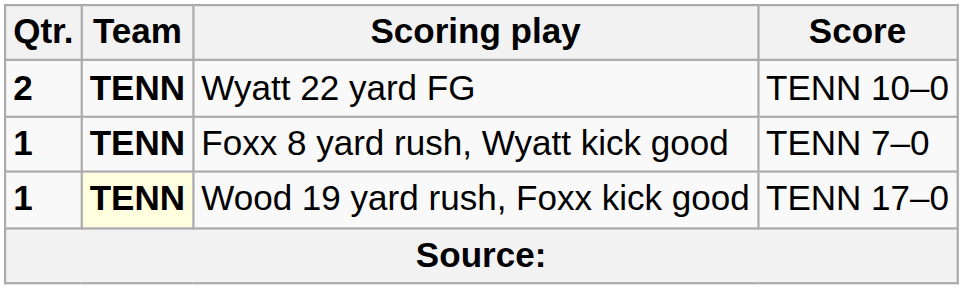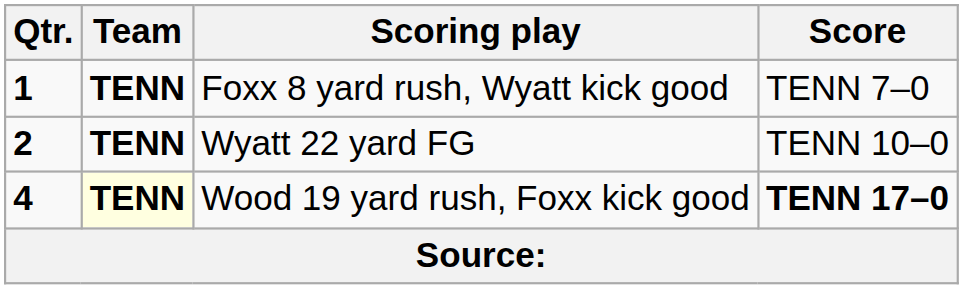 <table class="wikitable">
 <tr>
 <th>Qtr.</th>
 <th>Team</th>
 <th>Scoring play</th>
 <th>Score</th>
 </tr>
 <tr>
+<td><strong>1</strong></td>
+<td><strong>TENN</strong></td>
+<td>Foxx 8 yard rush, Wyatt kick good</td>
+<td>TENN 7–0</td>
+</tr>
+<tr>
 <td><strong>2</strong></td>
 <td><strong>TENN</strong></td>
 <td>Wyatt 22 yard FG</td>
 <td>TENN 10–0</td>
 </tr>
 <tr>
-<td><strong>1</strong></td>
-<td><strong>TENN</strong></td>
-<td>Foxx 8 yard rush, Wyatt kick good</td>
-<td>TENN 7–0</td>
-</tr>
-<tr>
-<td><strong>1</strong></td>
+<td><strong>4</strong></td>
 <td style="background: lightyellow;"><strong>TENN</strong></td>
 <td>Wood 19 yard rush, Foxx kick good</td>
-<td>TENN 17–0</td>
+<td><strong>TENN 17–0</strong></td>
 </tr>
 <tr>
 <th colspan=4>Source:</th>
 </tr>
 </table>
